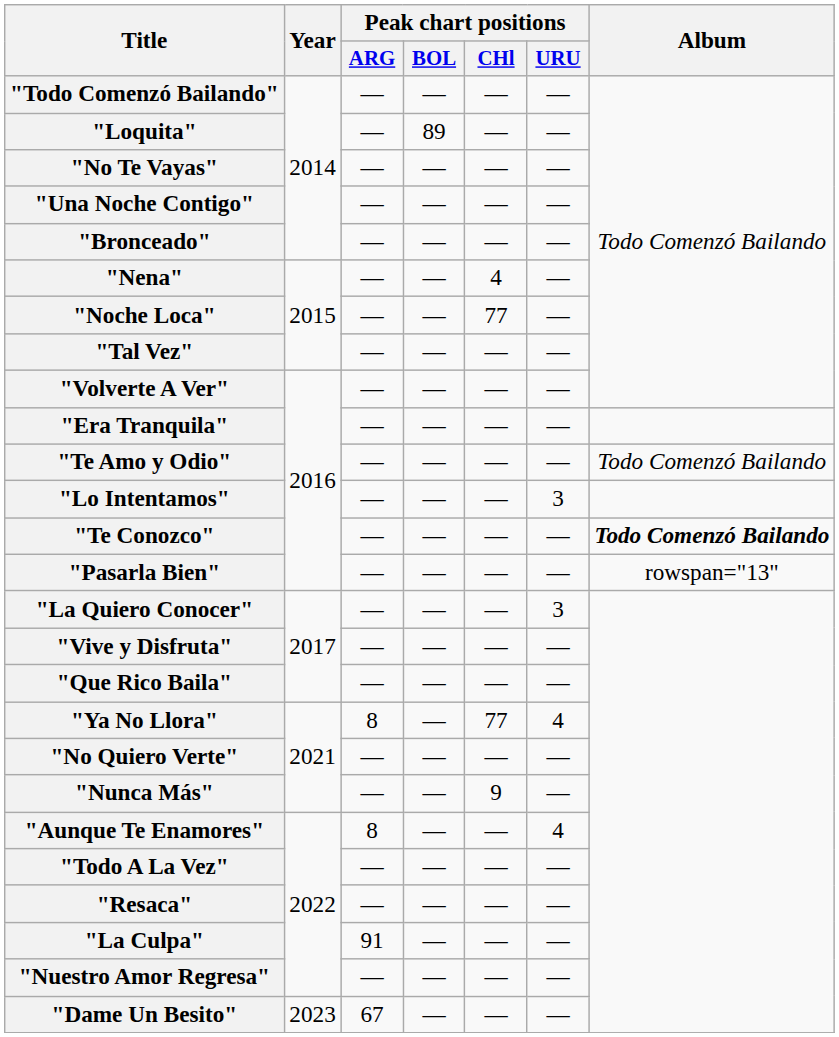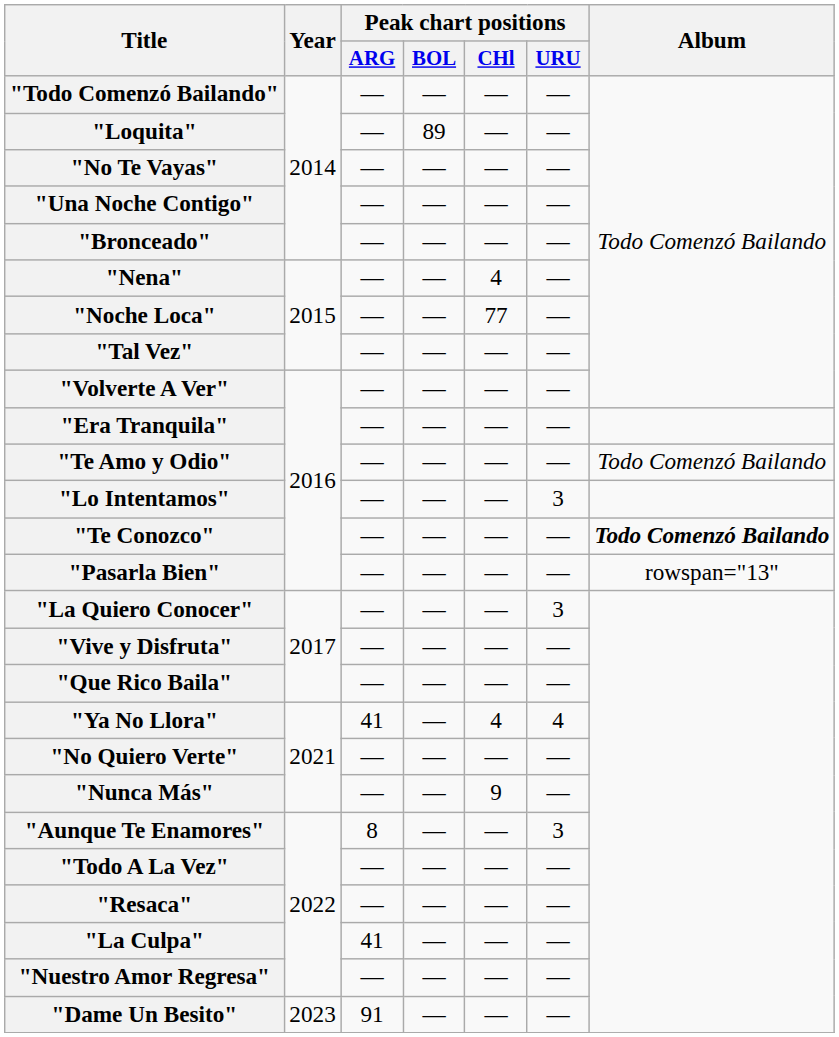 <table class="wikitable plainrowheaders" style="text-align:center">
 <tr>
 <th scope="col" rowspan="2">Title</th>
 <th scope="col" rowspan="2">Year</th>
 <th scope="col" colspan="4">Peak chart positions</th>
 <th scope="col" rowspan="2">Album</th>
 </tr>
 <tr>
 <th scope="col" style="width:2.5em;font-size:90%;"><a href='#'>ARG</a><br></th>
 <th scope="col" style="width:2.5em;font-size:90%;"><a href='#'>BOL</a><br></th>
 <th scope="col" style="width:2.5em;font-size:90%;"><a href='#'>CHl</a><br></th>
 <th scope="col" style="width:2.5em;font-size:90%;"><a href='#'>URU</a><br></th>
 </tr>
 <tr>
 <th scope="row">"Todo Comenzó Bailando"</th>
 <td rowspan="5">2014</td>
 <td>—</td>
 <td>—</td>
 <td>—</td>
 <td>—</td>
 <td rowspan="9"><em>Todo Comenzó Bailando</em></td>
 </tr>
 <tr>
 <th scope="row">"Loquita"</th>
 <td>—</td>
 <td>89</td>
 <td>—</td>
 <td>—</td>
 </tr>
 <tr>
 <th scope="row">"No Te Vayas"</th>
 <td>—</td>
 <td>—</td>
 <td>—</td>
 <td>—</td>
 </tr>
 <tr>
 <th scope="row">"Una Noche Contigo"<br></th>
 <td>—</td>
 <td>—</td>
 <td>—</td>
 <td>—</td>
 </tr>
 <tr>
 <th scope="row">"Bronceado"</th>
 <td>—</td>
 <td>—</td>
 <td>—</td>
 <td>—</td>
 </tr>
 <tr>
 <th scope="row">"Nena"</th>
 <td rowspan="3">2015</td>
 <td>—</td>
 <td>—</td>
 <td>4</td>
 <td>—</td>
 </tr>
 <tr>
 <th scope="row">"Noche Loca"<br></th>
 <td>—</td>
 <td>—</td>
 <td>77</td>
 <td>—</td>
 </tr>
 <tr>
 <th scope="row">"Tal Vez"</th>
 <td>—</td>
 <td>—</td>
 <td>—</td>
 <td>—</td>
 </tr>
 <tr>
 <th scope="row">"Volverte A Ver"</th>
 <td rowspan="6">2016</td>
 <td>—</td>
 <td>—</td>
 <td>—</td>
 <td>—</td>
 </tr>
 <tr>
 <th scope="row">"Era Tranquila"</th>
 <td>—</td>
 <td>—</td>
 <td>—</td>
 <td>—</td>
 <td></td>
 </tr>
 <tr>
 <th scope="row">"Te Amo y Odio"</th>
 <td>—</td>
 <td>—</td>
 <td>—</td>
 <td>—</td>
 <td><em>Todo Comenzó Bailando</em></td>
 </tr>
 <tr>
 <th scope="row">"Lo Intentamos"</th>
 <td>—</td>
 <td>—</td>
 <td>—</td>
 <td>3</td>
 <td></td>
 </tr>
 <tr>
 <th scope="row">"Te Conozco"<br></th>
 <td>—</td>
 <td>—</td>
 <td>—</td>
 <td>—</td>
 <td><strong><em>Todo Comenzó Bailando</em></strong></td>
 </tr>
 <tr>
 <th scope="row">"Pasarla Bien"</th>
 <td>—</td>
 <td>—</td>
 <td>—</td>
 <td>—</td>
 <td>rowspan="13" </td>
 </tr>
 <tr>
 <th scope="row">"La Quiero Conocer"</th>
 <td rowspan="3">2017</td>
 <td>—</td>
 <td>—</td>
 <td>—</td>
 <td>3</td>
 </tr>
 <tr>
 <th scope="row">"Vive y Disfruta"</th>
 <td>—</td>
 <td>—</td>
 <td>—</td>
 <td>—</td>
 </tr>
 <tr>
 <th scope="row">"Que Rico Baila"<br></th>
 <td>—</td>
 <td>—</td>
 <td>—</td>
 <td>—</td>
 </tr>
 <tr>
 <th scope="row">"Ya No Llora"</th>
 <td rowspan="3">2021</td>
-<td>8</td>
+<td>41</td>
 <td>—</td>
-<td>77</td>
+<td>4</td>
 <td>4</td>
 </tr>
 <tr>
 <th scope="row">"No Quiero Verte"<br></th>
 <td>—</td>
 <td>—</td>
 <td>—</td>
 <td>—</td>
 </tr>
 <tr>
 <th scope="row">"Nunca Más"</th>
 <td>—</td>
 <td>—</td>
 <td>9</td>
 <td>—</td>
 </tr>
 <tr>
 <th scope="row">"Aunque Te Enamores"<br></th>
 <td rowspan="5">2022</td>
 <td>8</td>
 <td>—</td>
 <td>—</td>
-<td>4</td>
+<td>3</td>
 </tr>
 <tr>
 <th scope="row">"Todo A La Vez"</th>
 <td>—</td>
 <td>—</td>
 <td>—</td>
 <td>—</td>
 </tr>
 <tr>
 <th scope="row">"Resaca"</th>
 <td>—</td>
 <td>—</td>
 <td>—</td>
 <td>—</td>
 </tr>
 <tr>
 <th scope="row">"La Culpa"<br></th>
-<td>91</td>
+<td>41</td>
 <td>—</td>
 <td>—</td>
 <td>—</td>
 </tr>
 <tr>
 <th scope="row">"Nuestro Amor Regresa"<br></th>
 <td>—</td>
 <td>—</td>
 <td>—</td>
 <td>—</td>
 </tr>
 <tr>
 <th scope="row">"Dame Un Besito"<br></th>
 <td>2023</td>
-<td>67</td>
+<td>91</td>
 <td>—</td>
 <td>—</td>
 <td>—</td>
 </tr>
 <tr>
 </tr>
 </table>
